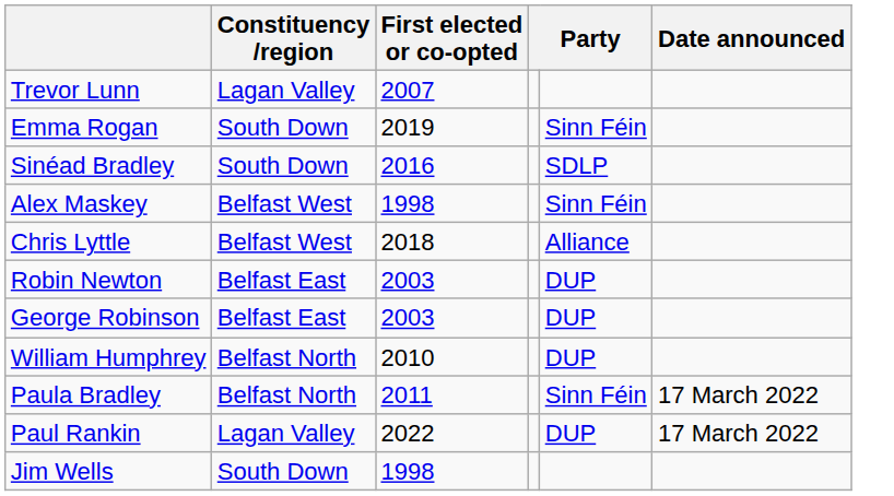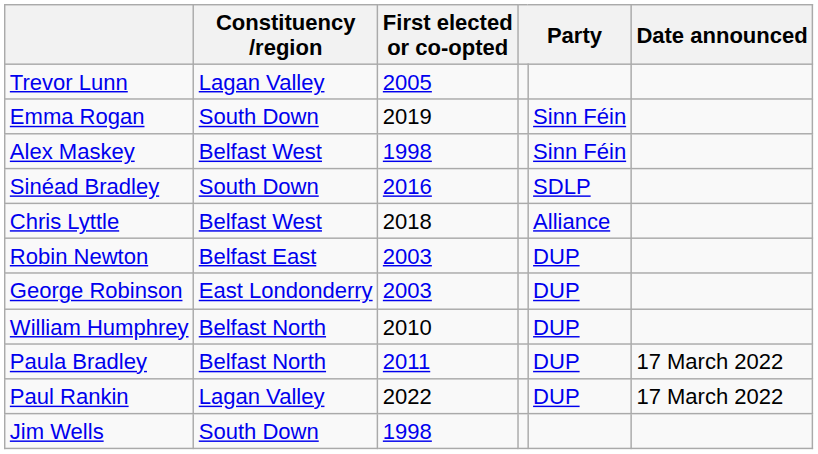 <table class="wikitable sortable" style="font-size:95%;">
 <tr>
 <th scope="col"></th>
 <th scope="col">Constituency<br>/region</th>
 <th scope="col">First elected <br>or co-opted</th>
 <th colspan="2" scope="col">Party</th>
 <th scope="col">Date announced</th>
 </tr>
 <tr>
 <td><a href='#'>Trevor Lunn</a></td>
 <td><a href='#'>Lagan Valley</a></td>
-<td><a href='#'>2007</a></td>
+<td><a href='#'>2005</a></td>
 <td></td>
 <td></td>
 </tr>
 <tr>
 <td><a href='#'>Emma Rogan</a></td>
 <td><a href='#'>South Down</a></td>
 <td>2019</td>
 <td style="background:"></td>
 <td><a href='#'>Sinn Féin</a></td>
 <td></td>
 </tr>
 <tr>
+<td><a href='#'>Alex Maskey</a></td>
+<td><a href='#'>Belfast West</a></td>
+<td><a href='#'>1998</a></td>
+<td style="background:"></td>
+<td><a href='#'>Sinn Féin</a></td>
+<td></td>
+</tr>
+<tr>
 <td><a href='#'>Sinéad Bradley</a></td>
 <td><a href='#'>South Down</a></td>
 <td><a href='#'>2016</a></td>
 <td style="background:"></td>
 <td><a href='#'>SDLP</a></td>
-<td></td>
-</tr>
-<tr>
-<td><a href='#'>Alex Maskey</a></td>
-<td><a href='#'>Belfast West</a></td>
-<td><a href='#'>1998</a></td>
-<td style="background:"></td>
-<td><a href='#'>Sinn Féin</a></td>
 <td></td>
 </tr>
 <tr>
 <td><a href='#'>Chris Lyttle</a></td>
 <td><a href='#'>Belfast West</a></td>
 <td>2018</td>
 <td style="background:"></td>
 <td><a href='#'>Alliance</a></td>
 <td></td>
 </tr>
 <tr>
 <td><a href='#'>Robin Newton</a></td>
 <td><a href='#'>Belfast East</a></td>
 <td><a href='#'>2003</a></td>
 <td style="background:"></td>
 <td><a href='#'>DUP</a></td>
 <td></td>
 </tr>
 <tr>
 <td><a href='#'>George Robinson</a></td>
-<td><a href='#'>Belfast East</a></td>
+<td><a href='#'>East Londonderry</a></td>
 <td><a href='#'>2003</a></td>
 <td style="background:"></td>
 <td><a href='#'>DUP</a></td>
 <td></td>
 </tr>
 <tr>
 <td><a href='#'>William Humphrey</a></td>
 <td><a href='#'>Belfast North</a></td>
 <td>2010</td>
 <td style="background:"></td>
 <td><a href='#'>DUP</a></td>
 <td></td>
 </tr>
 <tr>
 <td><a href='#'>Paula Bradley</a></td>
 <td><a href='#'>Belfast North</a></td>
 <td><a href='#'>2011</a></td>
 <td style="background:"></td>
-<td><a href='#'>Sinn Féin</a></td>
+<td><a href='#'>DUP</a></td>
 <td>17 March 2022</td>
 </tr>
 <tr>
 <td><a href='#'>Paul Rankin</a></td>
 <td><a href='#'>Lagan Valley</a></td>
 <td>2022</td>
 <td style="background:"></td>
 <td><a href='#'>DUP</a></td>
 <td>17 March 2022</td>
 </tr>
 <tr>
 <td><a href='#'>Jim Wells</a></td>
 <td><a href='#'>South Down</a></td>
 <td><a href='#'>1998</a></td>
 <td></td>
 <td></td>
 </tr>
 </table>
